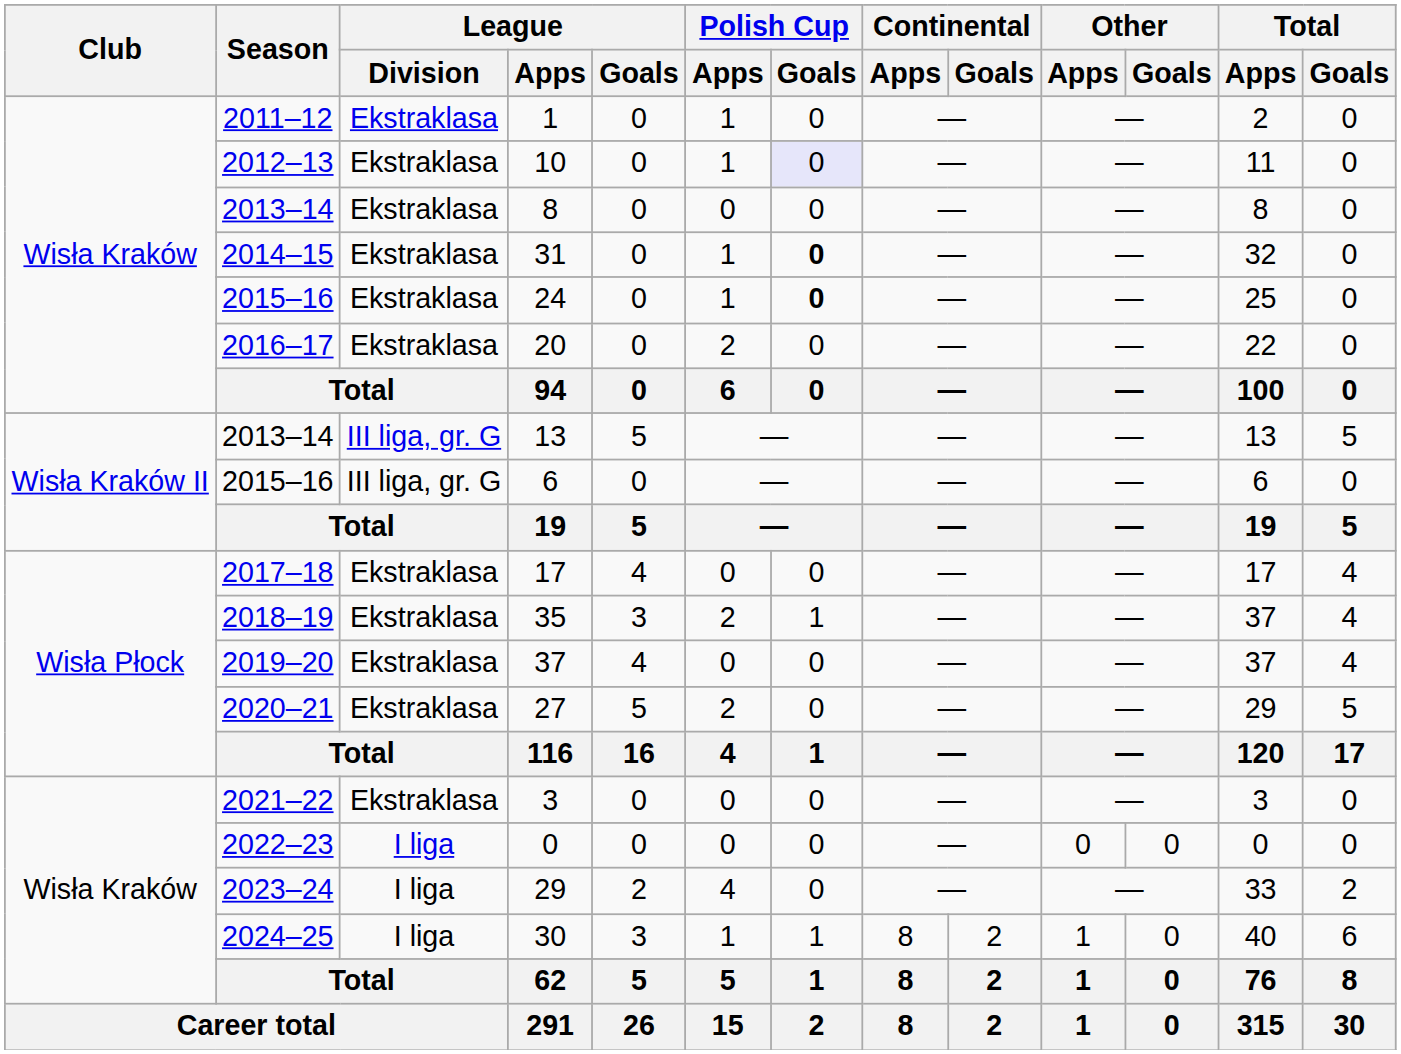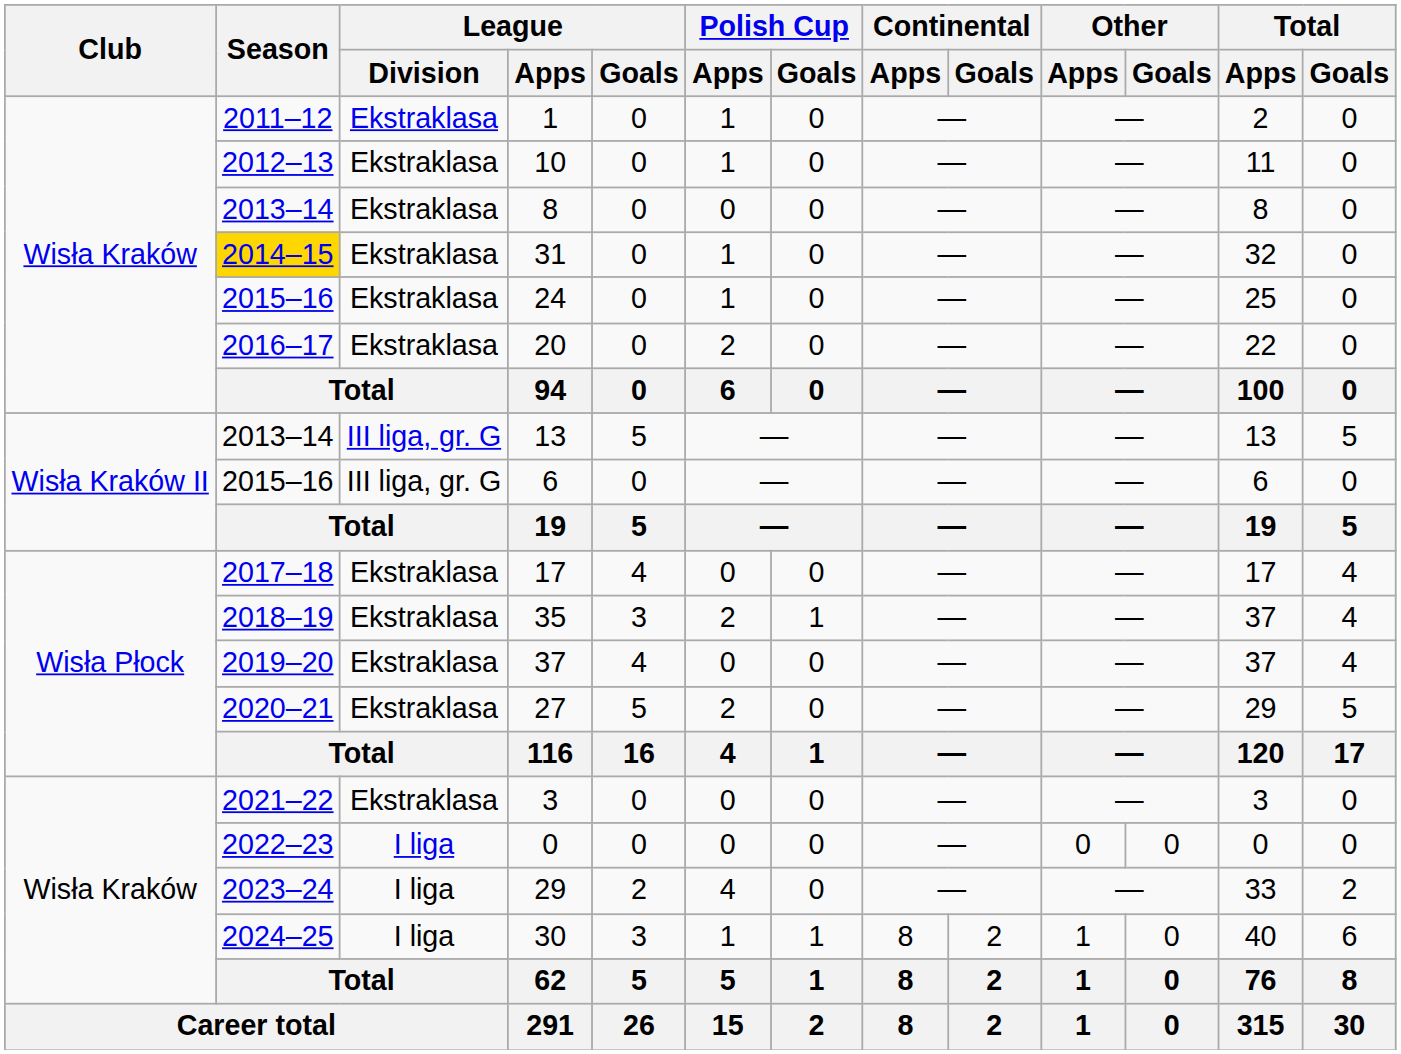 <table class="wikitable" style="text-align:center">
 <tr>
 <th rowspan="2">Club</th>
 <th rowspan="2">Season</th>
 <th colspan="3">League</th>
 <th colspan="2"><a href='#'>Polish Cup</a></th>
 <th colspan="2">Continental</th>
 <th colspan="2">Other</th>
 <th colspan="2">Total</th>
 </tr>
 <tr>
 <th>Division</th>
 <th>Apps</th>
 <th>Goals</th>
 <th>Apps</th>
 <th>Goals</th>
 <th>Apps</th>
 <th>Goals</th>
 <th>Apps</th>
 <th>Goals</th>
 <th>Apps</th>
 <th>Goals</th>
 </tr>
 <tr>
 <td rowspan="7"><a href='#'>Wisła Kraków</a></td>
 <td><a href='#'>2011–12</a></td>
 <td><a href='#'>Ekstraklasa</a></td>
 <td>1</td>
 <td>0</td>
 <td>1</td>
 <td>0</td>
 <td colspan="2">—</td>
 <td colspan="2">—</td>
 <td>2</td>
 <td>0</td>
 </tr>
 <tr>
 <td><a href='#'>2012–13</a></td>
 <td>Ekstraklasa</td>
 <td>10</td>
 <td>0</td>
 <td>1</td>
-<td style="background: lavender;">0</td>
+<td>0</td>
 <td colspan="2">—</td>
 <td colspan="2">—</td>
 <td>11</td>
 <td>0</td>
 </tr>
 <tr>
 <td><a href='#'>2013–14</a></td>
 <td>Ekstraklasa</td>
 <td>8</td>
 <td>0</td>
 <td>0</td>
 <td>0</td>
 <td colspan="2">—</td>
 <td colspan="2">—</td>
 <td>8</td>
 <td>0</td>
 </tr>
 <tr>
-<td><a href='#'>2014–15</a></td>
+<td style="background: gold;"><a href='#'>2014–15</a></td>
 <td>Ekstraklasa</td>
 <td>31</td>
 <td>0</td>
 <td>1</td>
-<td><strong>0</strong></td>
+<td>0</td>
 <td colspan="2">—</td>
 <td colspan="2">—</td>
 <td>32</td>
 <td>0</td>
 </tr>
 <tr>
 <td><a href='#'>2015–16</a></td>
 <td>Ekstraklasa</td>
 <td>24</td>
 <td>0</td>
 <td>1</td>
-<td><strong>0</strong></td>
+<td>0</td>
 <td colspan="2">—</td>
 <td colspan="2">—</td>
 <td>25</td>
 <td>0</td>
 </tr>
 <tr>
 <td><a href='#'>2016–17</a></td>
 <td>Ekstraklasa</td>
 <td>20</td>
 <td>0</td>
 <td>2</td>
 <td>0</td>
 <td colspan="2">—</td>
 <td colspan="2">—</td>
 <td>22</td>
 <td>0</td>
 </tr>
 <tr>
 <th colspan="2">Total</th>
 <th>94</th>
 <th>0</th>
 <th>6</th>
 <th>0</th>
 <th colspan="2">—</th>
 <th colspan="2">—</th>
 <th>100</th>
 <th>0</th>
 </tr>
 <tr>
 <td rowspan="3"><a href='#'>Wisła Kraków II</a></td>
 <td>2013–14</td>
 <td><a href='#'>III liga, gr. G</a></td>
 <td>13</td>
 <td>5</td>
 <td colspan="2">—</td>
 <td colspan="2">—</td>
 <td colspan="2">—</td>
 <td>13</td>
 <td>5</td>
 </tr>
 <tr>
 <td>2015–16</td>
 <td>III liga, gr. G</td>
 <td>6</td>
 <td>0</td>
 <td colspan="2">—</td>
 <td colspan="2">—</td>
 <td colspan="2">—</td>
 <td>6</td>
 <td>0</td>
 </tr>
 <tr>
 <th colspan="2">Total</th>
 <th>19</th>
 <th>5</th>
 <th colspan="2">—</th>
 <th colspan="2">—</th>
 <th colspan="2">—</th>
 <th>19</th>
 <th>5</th>
 </tr>
 <tr>
 <td rowspan="5"><a href='#'>Wisła Płock</a></td>
 <td><a href='#'>2017–18</a></td>
 <td>Ekstraklasa</td>
 <td>17</td>
 <td>4</td>
 <td>0</td>
 <td>0</td>
 <td colspan="2">—</td>
 <td colspan="2">—</td>
 <td>17</td>
 <td>4</td>
 </tr>
 <tr>
 <td><a href='#'>2018–19</a></td>
 <td>Ekstraklasa</td>
 <td>35</td>
 <td>3</td>
 <td>2</td>
 <td>1</td>
 <td colspan="2">—</td>
 <td colspan="2">—</td>
 <td>37</td>
 <td>4</td>
 </tr>
 <tr>
 <td><a href='#'>2019–20</a></td>
 <td>Ekstraklasa</td>
 <td>37</td>
 <td>4</td>
 <td>0</td>
 <td>0</td>
 <td colspan="2">—</td>
 <td colspan="2">—</td>
 <td>37</td>
 <td>4</td>
 </tr>
 <tr>
 <td><a href='#'>2020–21</a></td>
 <td>Ekstraklasa</td>
 <td>27</td>
 <td>5</td>
 <td>2</td>
 <td>0</td>
 <td colspan="2">—</td>
 <td colspan="2">—</td>
 <td>29</td>
 <td>5</td>
 </tr>
 <tr>
 <th colspan="2">Total</th>
 <th>116</th>
 <th>16</th>
 <th>4</th>
 <th>1</th>
 <th colspan="2">—</th>
 <th colspan="2">—</th>
 <th>120</th>
 <th>17</th>
 </tr>
 <tr>
 <td rowspan="5">Wisła Kraków</td>
 <td><a href='#'>2021–22</a></td>
 <td>Ekstraklasa</td>
 <td>3</td>
 <td>0</td>
 <td>0</td>
 <td>0</td>
 <td colspan="2">—</td>
 <td colspan="2">—</td>
 <td>3</td>
 <td>0</td>
 </tr>
 <tr>
 <td><a href='#'>2022–23</a></td>
 <td><a href='#'>I liga</a></td>
 <td>0</td>
 <td>0</td>
 <td>0</td>
 <td>0</td>
 <td colspan="2">—</td>
 <td>0</td>
 <td>0</td>
 <td>0</td>
 <td>0</td>
 </tr>
 <tr>
 <td><a href='#'>2023–24</a></td>
 <td>I liga</td>
 <td>29</td>
 <td>2</td>
 <td>4</td>
 <td>0</td>
 <td colspan="2">—</td>
 <td colspan="2">—</td>
 <td>33</td>
 <td>2</td>
 </tr>
 <tr>
 <td><a href='#'>2024–25</a></td>
 <td>I liga</td>
 <td>30</td>
 <td>3</td>
 <td>1</td>
 <td>1</td>
 <td>8</td>
 <td>2</td>
 <td>1</td>
 <td>0</td>
 <td>40</td>
 <td>6</td>
 </tr>
 <tr>
 <th colspan="2">Total</th>
 <th>62</th>
 <th>5</th>
 <th>5</th>
 <th>1</th>
 <th>8</th>
 <th>2</th>
 <th>1</th>
 <th>0</th>
 <th>76</th>
 <th>8</th>
 </tr>
 <tr>
 <th colspan="3">Career total</th>
 <th>291</th>
 <th>26</th>
 <th>15</th>
 <th>2</th>
 <th>8</th>
 <th>2</th>
 <th>1</th>
 <th>0</th>
 <th>315</th>
 <th>30</th>
 </tr>
 </table>
